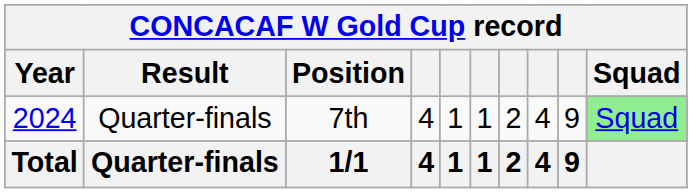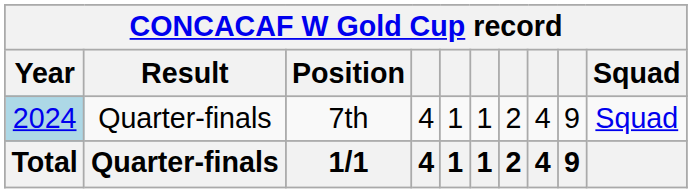 <table class="wikitable"  style="text-align:center;">
 <tr>
 <th colspan=10><a href='#'>CONCACAF W Gold Cup</a> record</th>
 </tr>
 <tr>
 <th>Year</th>
 <th>Result</th>
 <th>Position</th>
 <th></th>
 <th></th>
 <th></th>
 <th></th>
 <th></th>
 <th></th>
 <th>Squad</th>
 </tr>
 <tr>
-<td> <a href='#'>2024</a></td>
+<td style="background: lightblue;"> <a href='#'>2024</a></td>
 <td>Quarter-finals</td>
 <td>7th</td>
 <td>4</td>
 <td>1</td>
 <td>1</td>
 <td>2</td>
 <td>4</td>
 <td>9</td>
-<td style="background: lightgreen;"><a href='#'>Squad</a></td>
+<td><a href='#'>Squad</a></td>
 </tr>
 <tr>
 <th>Total</th>
 <th>Quarter-finals</th>
 <th>1/1</th>
 <th>4</th>
 <th>1</th>
 <th>1</th>
 <th>2</th>
 <th>4</th>
 <th>9</th>
 <th></th>
 </tr>
 </table>
